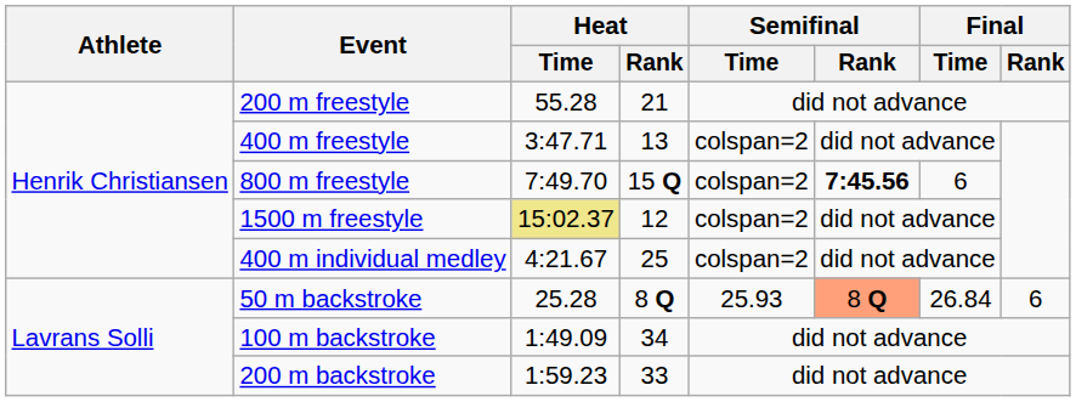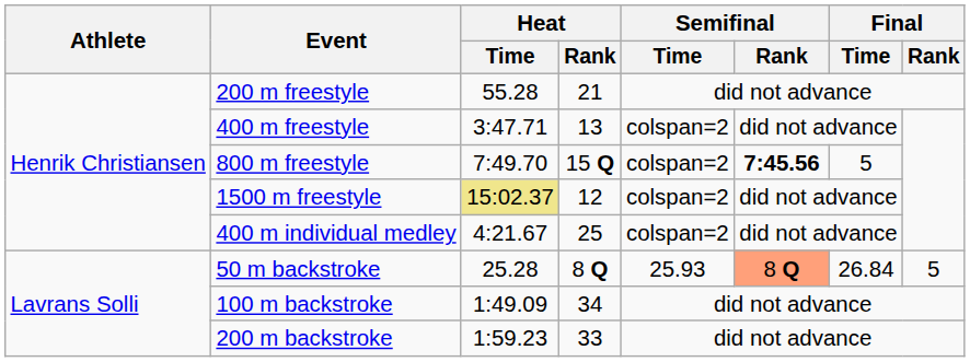 <table class=wikitable style="font-size:90%">
 <tr>
 <th rowspan="2">Athlete</th>
 <th rowspan="2">Event</th>
 <th colspan="2">Heat</th>
 <th colspan="2">Semifinal</th>
 <th colspan="2">Final</th>
 </tr>
 <tr style="font-size:95%">
 <th>Time</th>
 <th>Rank</th>
 <th>Time</th>
 <th>Rank</th>
 <th>Time</th>
 <th>Rank</th>
 </tr>
 <tr align=center>
 <td align=left rowspan=5><a href='#'>Henrik Christiansen</a></td>
 <td align=left><a href='#'>200 m freestyle</a></td>
 <td>55.28</td>
 <td>21</td>
 <td colspan=4>did not advance</td>
 </tr>
 <tr align=center>
 <td align=left><a href='#'>400 m freestyle</a></td>
 <td>3:47.71</td>
 <td>13</td>
 <td>colspan=2 </td>
 <td colspan=2>did not advance</td>
 </tr>
 <tr align=center>
 <td align=left><a href='#'>800 m freestyle</a></td>
 <td>7:49.70</td>
 <td>15 <strong>Q</strong></td>
 <td>colspan=2 </td>
 <td><strong>7:45.56</strong></td>
-<td>6</td>
+<td>5</td>
 </tr>
 <tr align=center>
 <td align=left><a href='#'>1500 m freestyle</a></td>
 <td style="background: khaki;">15:02.37</td>
 <td>12</td>
 <td>colspan=2 </td>
 <td colspan=2>did not advance</td>
 </tr>
 <tr align=center>
 <td align=left><a href='#'>400 m individual medley</a></td>
 <td>4:21.67</td>
 <td>25</td>
 <td>colspan=2 </td>
 <td colspan=2>did not advance</td>
 </tr>
 <tr align=center>
 <td align=left rowspan=3><a href='#'>Lavrans Solli</a></td>
 <td align=left><a href='#'>50 m backstroke</a></td>
 <td>25.28</td>
 <td>8 <strong>Q</strong></td>
 <td>25.93</td>
 <td style="background: lightsalmon;">8 <strong>Q</strong></td>
 <td>26.84</td>
-<td>6</td>
+<td>5</td>
 </tr>
 <tr align=center>
 <td align=left><a href='#'>100 m backstroke</a></td>
 <td>1:49.09</td>
 <td>34</td>
 <td colspan=4>did not advance</td>
 </tr>
 <tr align=center>
 <td align=left><a href='#'>200 m backstroke</a></td>
 <td>1:59.23</td>
 <td>33</td>
 <td colspan=4>did not advance</td>
 </tr>
 </table>
